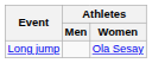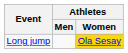 <table class=wikitable style="font-size:90%">
 <tr>
 <th rowspan=2>Event</th>
 <th colspan=2>Athletes</th>
 </tr>
 <tr>
 <th>Men</th>
 <th>Women</th>
 </tr>
 <tr>
 <td><a href='#'>Long jump</a></td>
 <td></td>
-<td><a href='#'>Ola Sesay</a></td>
+<td style="background: gold;"><a href='#'>Ola Sesay</a></td>
 </tr>
 </table>
